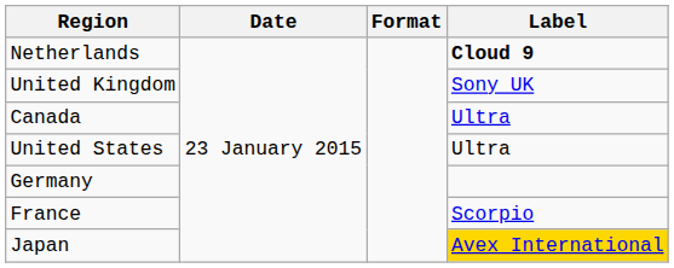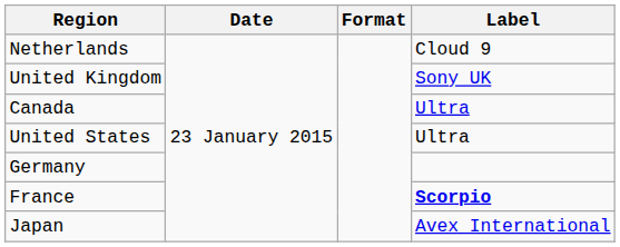 <table class=wikitable>
 <tr>
 <th>Region</th>
 <th>Date</th>
 <th>Format</th>
 <th>Label</th>
 </tr>
 <tr>
 <td>Netherlands</td>
 <td rowspan="7">23 January 2015</td>
 <td rowspan="7"></td>
-<td><strong>Cloud 9</strong></td>
+<td>Cloud 9</td>
 </tr>
 <tr>
 <td>United Kingdom</td>
 <td><a href='#'>Sony UK</a></td>
 </tr>
 <tr>
 <td>Canada</td>
 <td><a href='#'>Ultra</a></td>
 </tr>
 <tr>
 <td>United States</td>
 <td>Ultra</td>
 </tr>
 <tr>
 <td>Germany</td>
 <td></td>
 </tr>
 <tr>
 <td>France</td>
-<td><a href='#'>Scorpio</a></td>
+<td><strong><a href='#'>Scorpio</a></strong></td>
 </tr>
 <tr>
 <td>Japan</td>
-<td style="background: gold;"><a href='#'>Avex International</a></td>
+<td><a href='#'>Avex International</a></td>
 </tr>
 </table>
